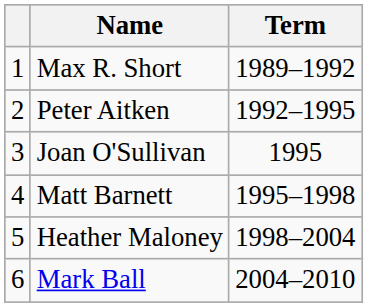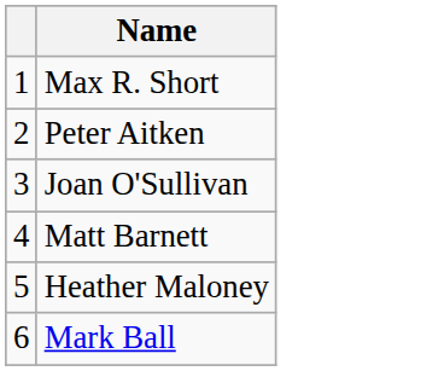 <table class="wikitable">
 <tr>
 <th></th>
 <th>Name</th>
-<th>Term</th>
 </tr>
 <tr>
 <td>1</td>
 <td>Max R. Short</td>
-<td align=center>1989–1992</td>
 </tr>
 <tr>
 <td>2</td>
 <td>Peter Aitken</td>
-<td align=center>1992–1995</td>
 </tr>
 <tr>
 <td>3</td>
 <td>Joan O'Sullivan</td>
-<td align=center>1995</td>
 </tr>
 <tr>
 <td>4</td>
 <td>Matt Barnett</td>
-<td align=center>1995–1998</td>
 </tr>
 <tr>
 <td>5</td>
 <td>Heather Maloney</td>
-<td align=center>1998–2004</td>
 </tr>
 <tr>
 <td>6</td>
 <td><a href='#'>Mark Ball</a></td>
-<td align=center>2004–2010</td>
 </tr>
 </table>
